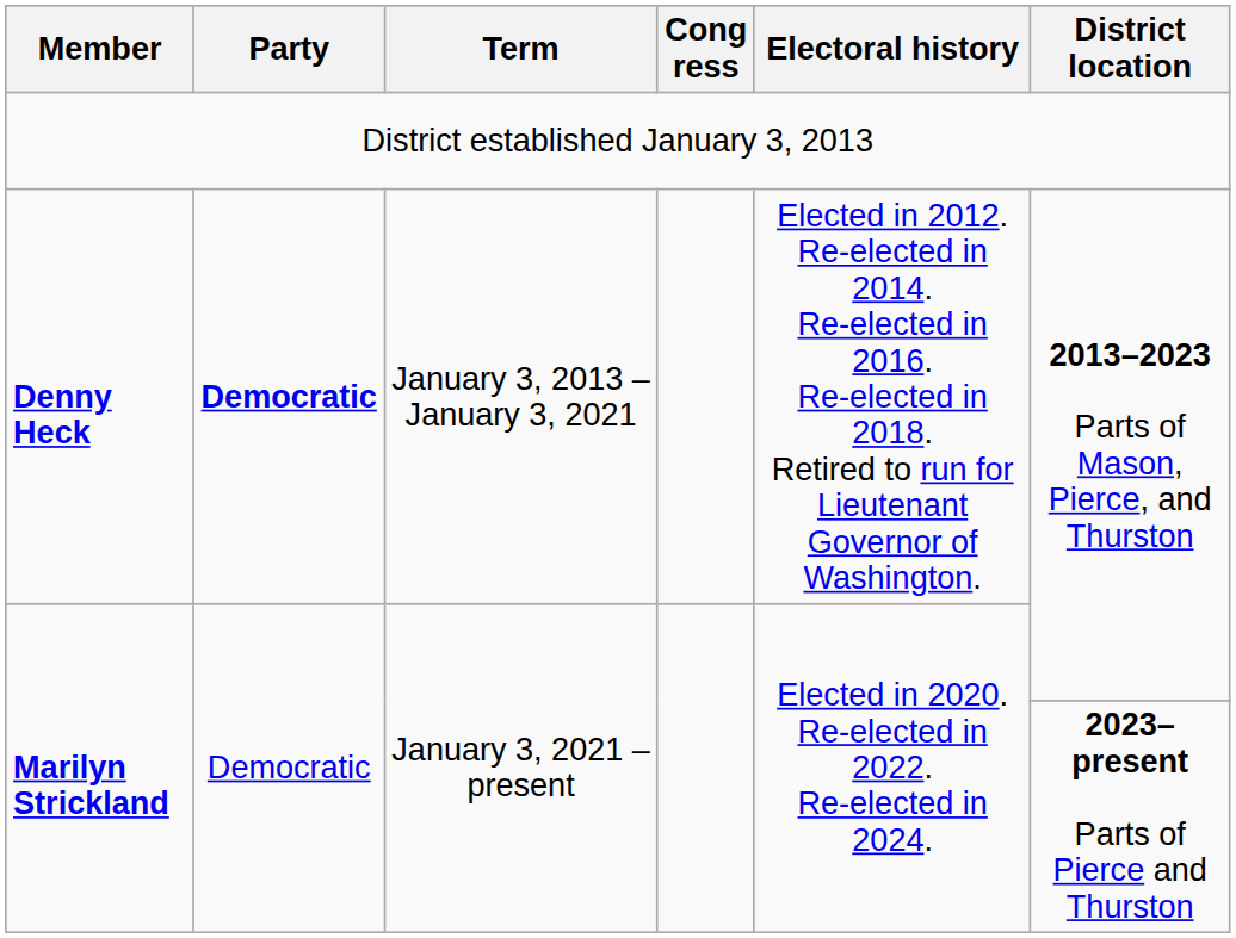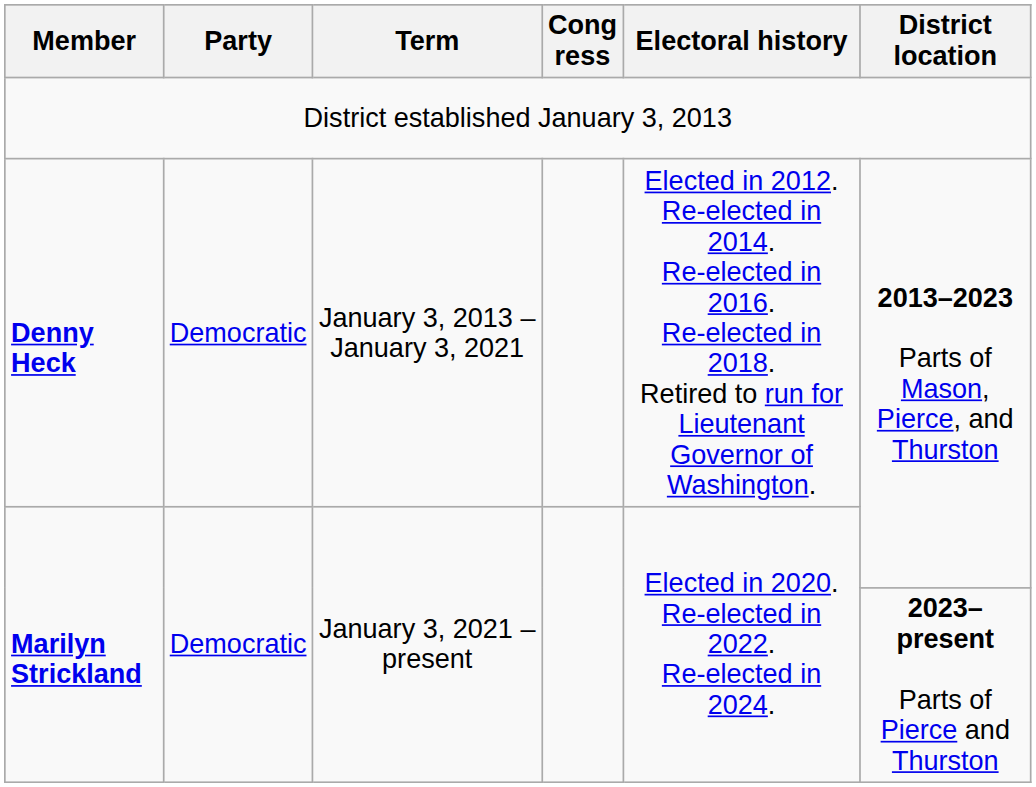 <table class=wikitable style="text-align:center">
 <tr>
 <th>Member</th>
 <th>Party</th>
 <th>Term</th>
 <th>Cong<br>ress</th>
 <th>Electoral history</th>
 <th>District location</th>
 </tr>
 <tr style="height:3em">
 <td colspan=6>District established January 3, 2013</td>
 </tr>
 <tr style="height:3em">
 <td align=left><br><strong><a href='#'>Denny Heck</a></strong><br></td>
-<td><strong><a href='#'>Democratic</a></strong></td>
+<td><a href='#'>Democratic</a></td>
 <td nowrap>January 3, 2013 –<br>January 3, 2021</td>
 <td></td>
 <td><a href='#'>Elected in 2012</a>.<br><a href='#'>Re-elected in 2014</a>.<br><a href='#'>Re-elected in 2016</a>.<br><a href='#'>Re-elected in 2018</a>.<br>Retired to <a href='#'>run for Lieutenant Governor of Washington</a>.</td>
 <td rowspan=2><strong>2013–2023</strong><br><br>Parts of <a href='#'>Mason</a>, <a href='#'>Pierce</a>, and <a href='#'>Thurston</a></td>
 </tr>
 <tr style="height:3em">
 <td rowspan=2 align=left><br><strong><a href='#'>Marilyn Strickland</a></strong><br></td>
 <td rowspan=2 ><a href='#'>Democratic</a></td>
 <td rowspan=2>January 3, 2021 –<br>present</td>
 <td rowspan=2></td>
 <td rowspan=2><a href='#'>Elected in 2020</a>.<br><a href='#'>Re-elected in 2022</a>.<br><a href='#'>Re-elected in 2024</a>.</td>
 </tr>
 <tr style="height:3em">
 <td><strong>2023–present</strong><br><br>Parts of <a href='#'>Pierce</a> and <a href='#'>Thurston</a></td>
 </tr>
 </table>
